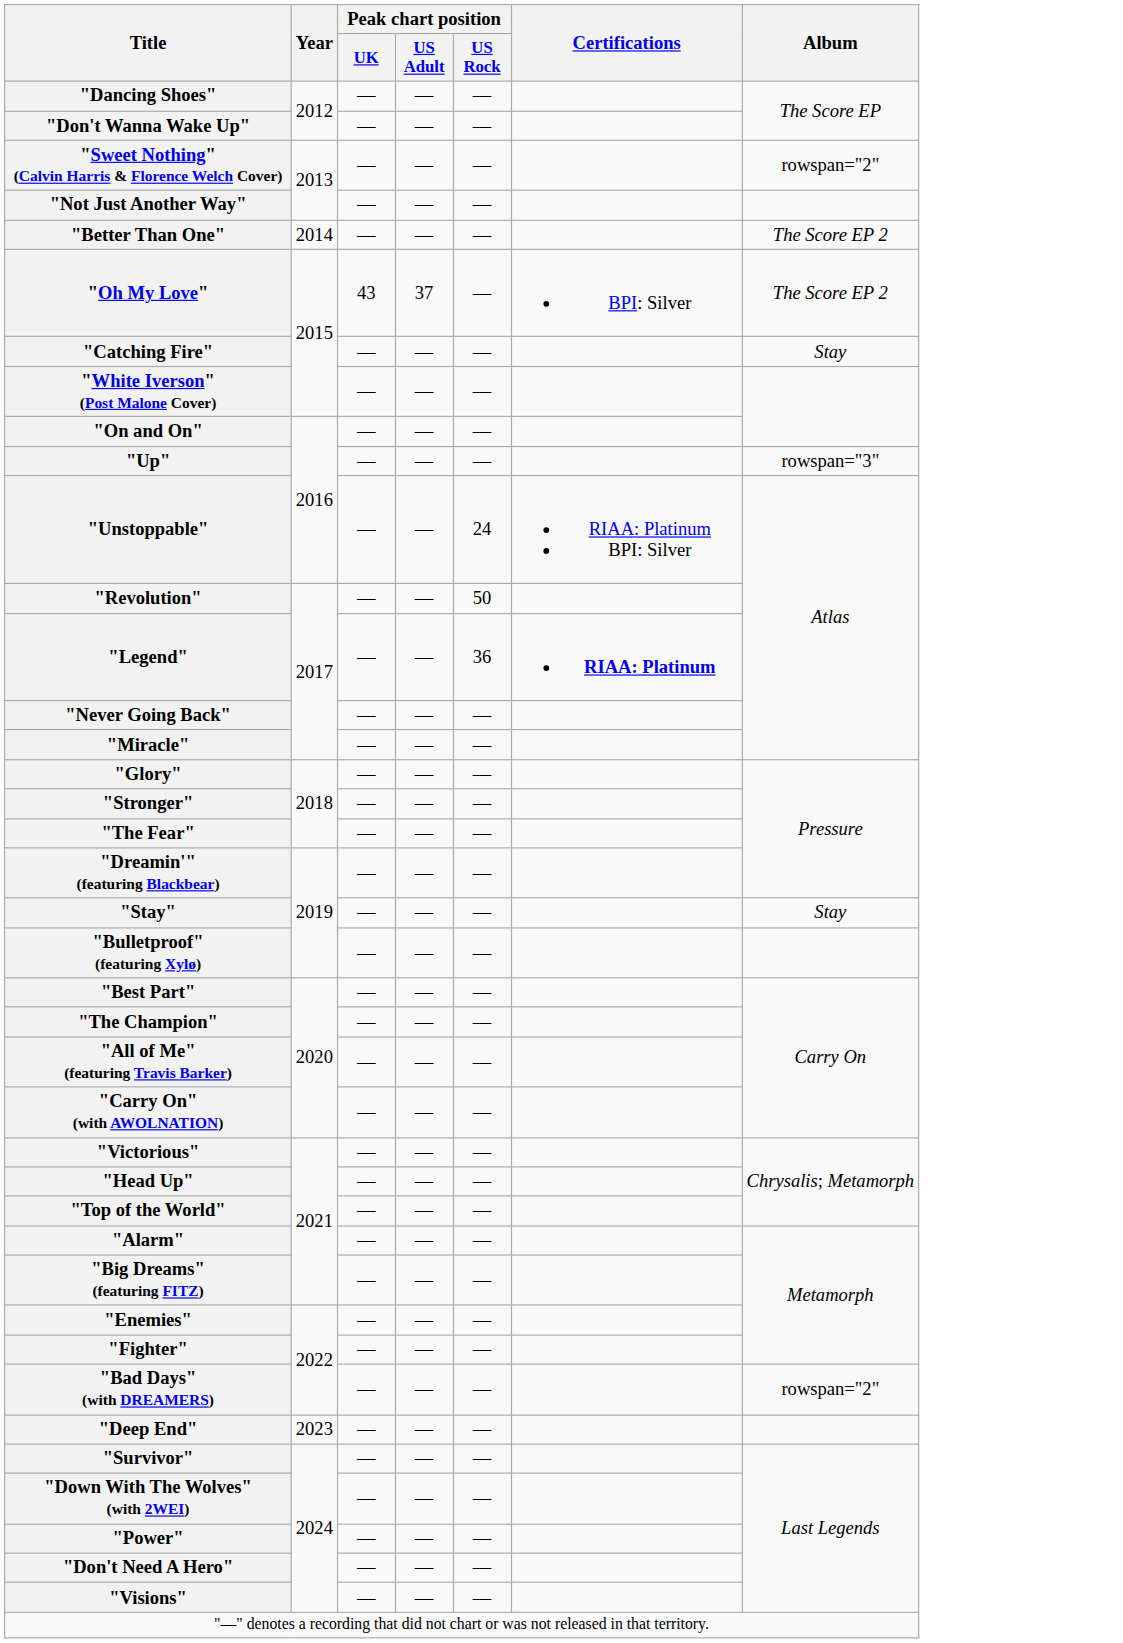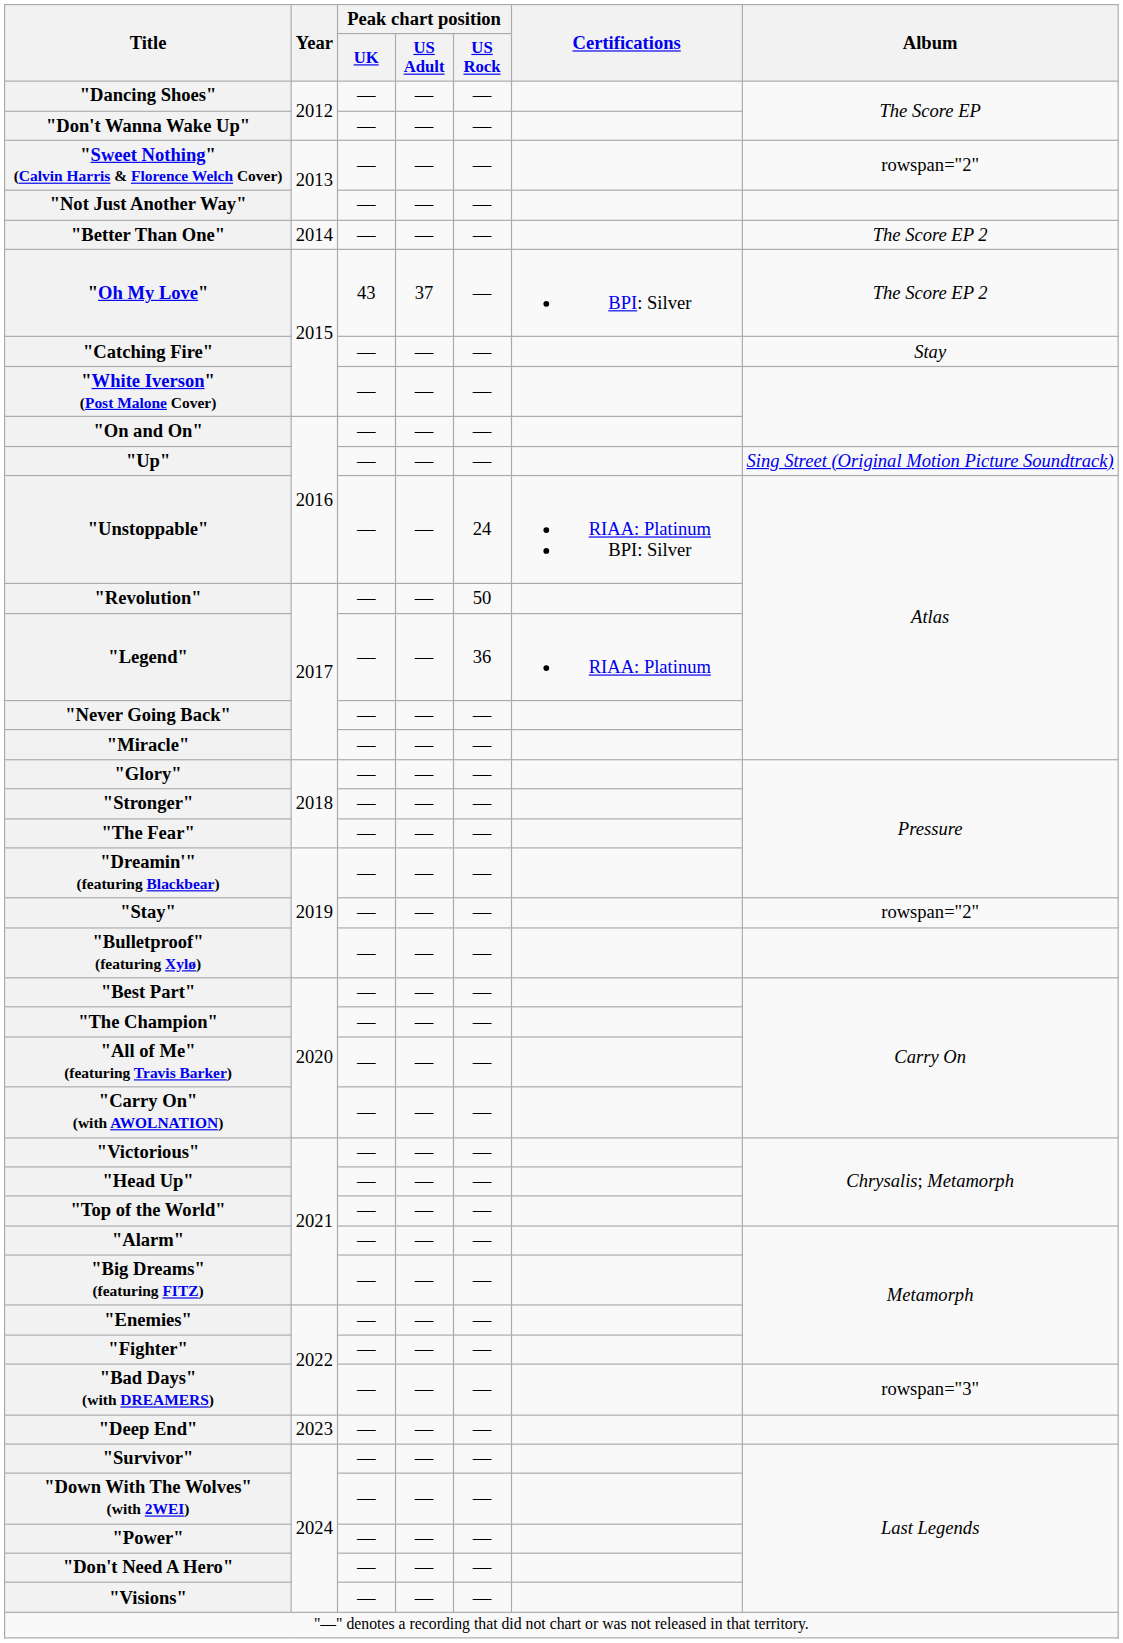 <table class="wikitable plainrowheaders" style="text-align:center;">
 <tr>
 <th scope="col" rowspan="2" style="width:15em;">Title</th>
 <th scope="col" rowspan="2">Year</th>
 <th scope="col" colspan="3">Peak chart position</th>
 <th scope="col" rowspan="2" style="width:12em;"><a href='#'>Certifications</a></th>
 <th scope="col" rowspan="2">Album</th>
 </tr>
 <tr>
 <th style="width:3em; font-size:90%"><a href='#'>UK</a><br></th>
 <th scope="col" style="width:3em;font-size:90%;"><a href='#'>US<br>Adult</a><br></th>
 <th scope="col" style="width:3em;font-size:90%;"><a href='#'>US<br>Rock</a><br></th>
 </tr>
 <tr>
 <th scope="row">"Dancing Shoes"</th>
 <td rowspan="2">2012</td>
 <td>—</td>
 <td>—</td>
 <td>—</td>
 <td></td>
 <td rowspan="2"><em>The Score EP</em></td>
 </tr>
 <tr>
 <th scope="row">"Don't Wanna Wake Up"</th>
 <td>—</td>
 <td>—</td>
 <td>—</td>
 <td></td>
 </tr>
 <tr>
 <th scope="row">"<a href='#'>Sweet Nothing</a>"<br><small>(<a href='#'>Calvin Harris</a> & <a href='#'>Florence Welch</a> Cover)</small></th>
 <td rowspan="2">2013</td>
 <td>—</td>
 <td>—</td>
 <td>—</td>
 <td></td>
 <td>rowspan="2" </td>
 </tr>
 <tr>
 <th scope="row">"Not Just Another Way"</th>
 <td>—</td>
 <td>—</td>
 <td>—</td>
 <td></td>
 </tr>
 <tr>
 <th scope="row">"Better Than One"</th>
 <td>2014</td>
 <td>—</td>
 <td>—</td>
 <td>—</td>
 <td></td>
 <td rowspan="1"><em>The Score EP 2</em></td>
 </tr>
 <tr>
 <th scope="row">"<a href='#'>Oh My Love</a>"</th>
 <td rowspan="3">2015</td>
 <td>43</td>
 <td>37</td>
 <td>—</td>
 <td><br><ul><li><a href='#'>BPI</a>: Silver</li></ul></td>
 <td rowspan="1"><em>The Score EP 2</em></td>
 </tr>
 <tr>
 <th scope="row">"Catching Fire"</th>
 <td>—</td>
 <td>—</td>
 <td>—</td>
 <td></td>
 <td><em>Stay</em></td>
 </tr>
 <tr>
 <th scope="row">"<a href='#'>White Iverson</a>"<br><small>(<a href='#'>Post Malone</a> Cover)</small></th>
 <td>—</td>
 <td>—</td>
 <td>—</td>
 <td></td>
 </tr>
 <tr>
 <th scope="row">"On and On"</th>
 <td rowspan="3">2016</td>
 <td>—</td>
 <td>—</td>
 <td>—</td>
 <td></td>
 </tr>
 <tr>
 <th scope="row">"Up"</th>
 <td>—</td>
 <td>—</td>
 <td>—</td>
 <td></td>
-<td>rowspan="3" </td>
+<td rowspan="1"><em><a href='#'>Sing Street (Original Motion Picture Soundtrack)</a></em></td>
 </tr>
 <tr>
 <th scope="row">"Unstoppable"</th>
 <td>—</td>
 <td>—</td>
 <td>24</td>
 <td><br><ul><li><a href='#'>RIAA: Platinum</a></li><li>BPI: Silver</li></ul></td>
 <td rowspan="5"><em>Atlas</em></td>
 </tr>
 <tr>
 <th scope="row">"Revolution"</th>
 <td rowspan="4">2017</td>
 <td>—</td>
 <td>—</td>
 <td>50</td>
 <td></td>
 </tr>
 <tr>
 <th scope="row">"Legend"</th>
 <td>—</td>
 <td>—</td>
 <td>36</td>
-<td><strong><br><ul><li><a href='#'>RIAA: Platinum</a></li></ul></strong></td>
+<td><br><ul><li><a href='#'>RIAA: Platinum</a></li></ul></td>
 </tr>
 <tr>
 <th scope="row">"Never Going Back"</th>
 <td>—</td>
 <td>—</td>
 <td>—</td>
 <td></td>
 </tr>
 <tr>
 <th scope="row">"Miracle"</th>
 <td>—</td>
 <td>—</td>
 <td>—</td>
 <td></td>
 </tr>
 <tr>
 <th scope="row">"Glory"</th>
 <td rowspan="3">2018</td>
 <td>—</td>
 <td>—</td>
 <td>—</td>
 <td></td>
 <td rowspan="4"><em>Pressure</em></td>
 </tr>
 <tr>
 <th scope="row">"Stronger"</th>
 <td>—</td>
 <td>—</td>
 <td>—</td>
 <td></td>
 </tr>
 <tr>
 <th scope="row">"The Fear"</th>
 <td>—</td>
 <td>—</td>
 <td>—</td>
 <td></td>
 </tr>
 <tr>
 <th scope="row">"Dreamin'"<br><small>(featuring <a href='#'>Blackbear</a>)</small></th>
 <td rowspan="3">2019</td>
 <td>—</td>
 <td>—</td>
 <td>—</td>
 <td></td>
 </tr>
 <tr>
 <th scope="row">"Stay"</th>
 <td>—</td>
 <td>—</td>
 <td>—</td>
 <td></td>
-<td><em>Stay</em></td>
+<td>rowspan="2" </td>
 </tr>
 <tr>
 <th scope="row">"Bulletproof"<br><small>(featuring <a href='#'>Xylø</a>)</small></th>
 <td>—</td>
 <td>—</td>
 <td>—</td>
 <td></td>
 <td></td>
 </tr>
 <tr>
 <th scope="row">"Best Part"</th>
 <td rowspan="4">2020</td>
 <td>—</td>
 <td>—</td>
 <td>—</td>
 <td></td>
 <td rowspan="4"><em>Carry On</em></td>
 </tr>
 <tr>
 <th scope="row">"The Champion"</th>
 <td>—</td>
 <td>—</td>
 <td>—</td>
 <td></td>
 </tr>
 <tr>
 <th scope="row">"All of Me"<br><small>(featuring <a href='#'>Travis Barker</a>)</small></th>
 <td>—</td>
 <td>—</td>
 <td>—</td>
 <td></td>
 </tr>
 <tr>
 <th scope="row">"Carry On"<br><small>(with <a href='#'>AWOLNATION</a>)</small></th>
 <td>—</td>
 <td>—</td>
 <td>—</td>
 <td></td>
 </tr>
 <tr>
 <th scope="row">"Victorious"</th>
 <td rowspan="5">2021</td>
 <td>—</td>
 <td>—</td>
 <td>—</td>
 <td></td>
 <td rowspan="3"><em>Chrysalis</em>; <em>Metamorph</em></td>
 </tr>
 <tr>
 <th scope="row">"Head Up"</th>
 <td>—</td>
 <td>—</td>
 <td>—</td>
 <td></td>
 </tr>
 <tr>
 <th scope="row">"Top of the World"</th>
 <td>—</td>
 <td>—</td>
 <td>—</td>
 <td></td>
 </tr>
 <tr>
 <th scope="row">"Alarm"</th>
 <td>—</td>
 <td>—</td>
 <td>—</td>
 <td></td>
 <td rowspan="4"><em>Metamorph</em></td>
 </tr>
 <tr>
 <th scope="row">"Big Dreams"<br><small>(featuring <a href='#'>FITZ</a>)</small></th>
 <td>—</td>
 <td>—</td>
 <td>—</td>
 <td></td>
 </tr>
 <tr>
 <th scope="row">"Enemies"</th>
 <td rowspan="3">2022</td>
 <td>—</td>
 <td>—</td>
 <td>—</td>
 <td></td>
 </tr>
 <tr>
 <th scope="row">"Fighter"</th>
 <td>—</td>
 <td>—</td>
 <td>—</td>
 <td></td>
 </tr>
 <tr>
 <th scope="row">"Bad Days"<br><small>(with <a href='#'>DREAMERS</a>)</small></th>
 <td>—</td>
 <td>—</td>
 <td>—</td>
 <td></td>
-<td>rowspan="2" </td>
+<td>rowspan="3" </td>
 </tr>
 <tr>
 <th scope="row">"Deep End"</th>
 <td>2023</td>
 <td>—</td>
 <td>—</td>
 <td>—</td>
 <td></td>
 </tr>
 <tr>
 <th scope="row">"Survivor"</th>
 <td rowspan="5">2024</td>
 <td>—</td>
 <td>—</td>
 <td>—</td>
 <td></td>
 <td rowspan="5"><em>Last Legends</em></td>
 </tr>
 <tr>
 <th scope="row">"Down With The Wolves"<br><small>(with <a href='#'>2WEI</a>)</small></th>
 <td>—</td>
 <td>—</td>
 <td>—</td>
 <td></td>
 </tr>
 <tr>
 <th scope="row">"Power"</th>
 <td>—</td>
 <td>—</td>
 <td>—</td>
 <td></td>
 </tr>
 <tr>
 <th scope="row">"Don't Need A Hero"</th>
 <td>—</td>
 <td>—</td>
 <td>—</td>
 <td></td>
 </tr>
 <tr>
 <th scope="row">"Visions"</th>
 <td>—</td>
 <td>—</td>
 <td>—</td>
 <td></td>
 </tr>
 <tr>
 <td colspan="7" style="font-size:85%">"—" denotes a recording that did not chart or was not released in that territory.</td>
 </tr>
 </table>
